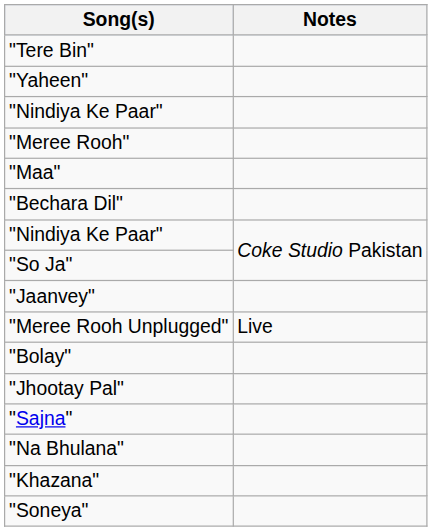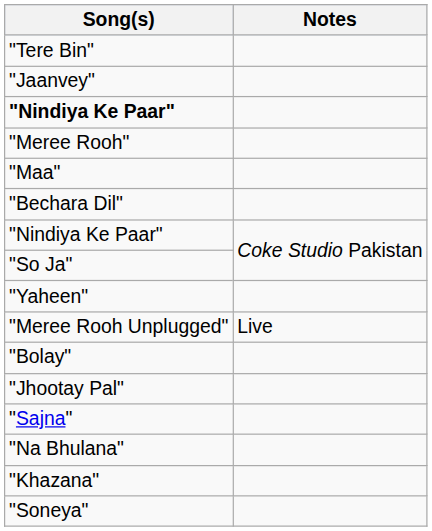 <table class="wikitable">
 <tr style="background:#b0c4de; text-align:center;">
 <th>Song(s)</th>
 <th>Notes</th>
 </tr>
 <tr>
 <td>"Tere Bin"</td>
 <td></td>
 </tr>
 <tr>
-<td>"Yaheen"</td>
+<td>"Jaanvey"</td>
 <td></td>
 </tr>
 <tr>
-<td>"Nindiya Ke Paar"</td>
+<td><strong>"Nindiya Ke Paar"</strong></td>
 <td></td>
 </tr>
 <tr>
 <td>"Meree Rooh"</td>
 <td></td>
 </tr>
 <tr>
 <td>"Maa"</td>
 <td></td>
 </tr>
 <tr>
 <td>"Bechara Dil"</td>
 <td></td>
 </tr>
 <tr>
 <td>"Nindiya Ke Paar"</td>
 <td rowspan="2"><em>Coke Studio</em> Pakistan</td>
 </tr>
 <tr>
 <td>"So Ja"</td>
 </tr>
 <tr>
-<td>"Jaanvey"</td>
+<td>"Yaheen"</td>
 <td></td>
 </tr>
 <tr>
 <td>"Meree Rooh Unplugged"</td>
 <td>Live</td>
 </tr>
 <tr>
 <td>"Bolay"</td>
 <td></td>
 </tr>
 <tr>
 <td>"Jhootay Pal"</td>
 <td></td>
 </tr>
 <tr>
 <td>"<a href='#'>Sajna</a>"</td>
 <td></td>
 </tr>
 <tr>
 <td>"Na Bhulana"</td>
 <td></td>
 </tr>
 <tr>
 <td>"Khazana"</td>
 <td></td>
 </tr>
 <tr>
 <td>"Soneya"</td>
 <td></td>
 </tr>
 </table>
